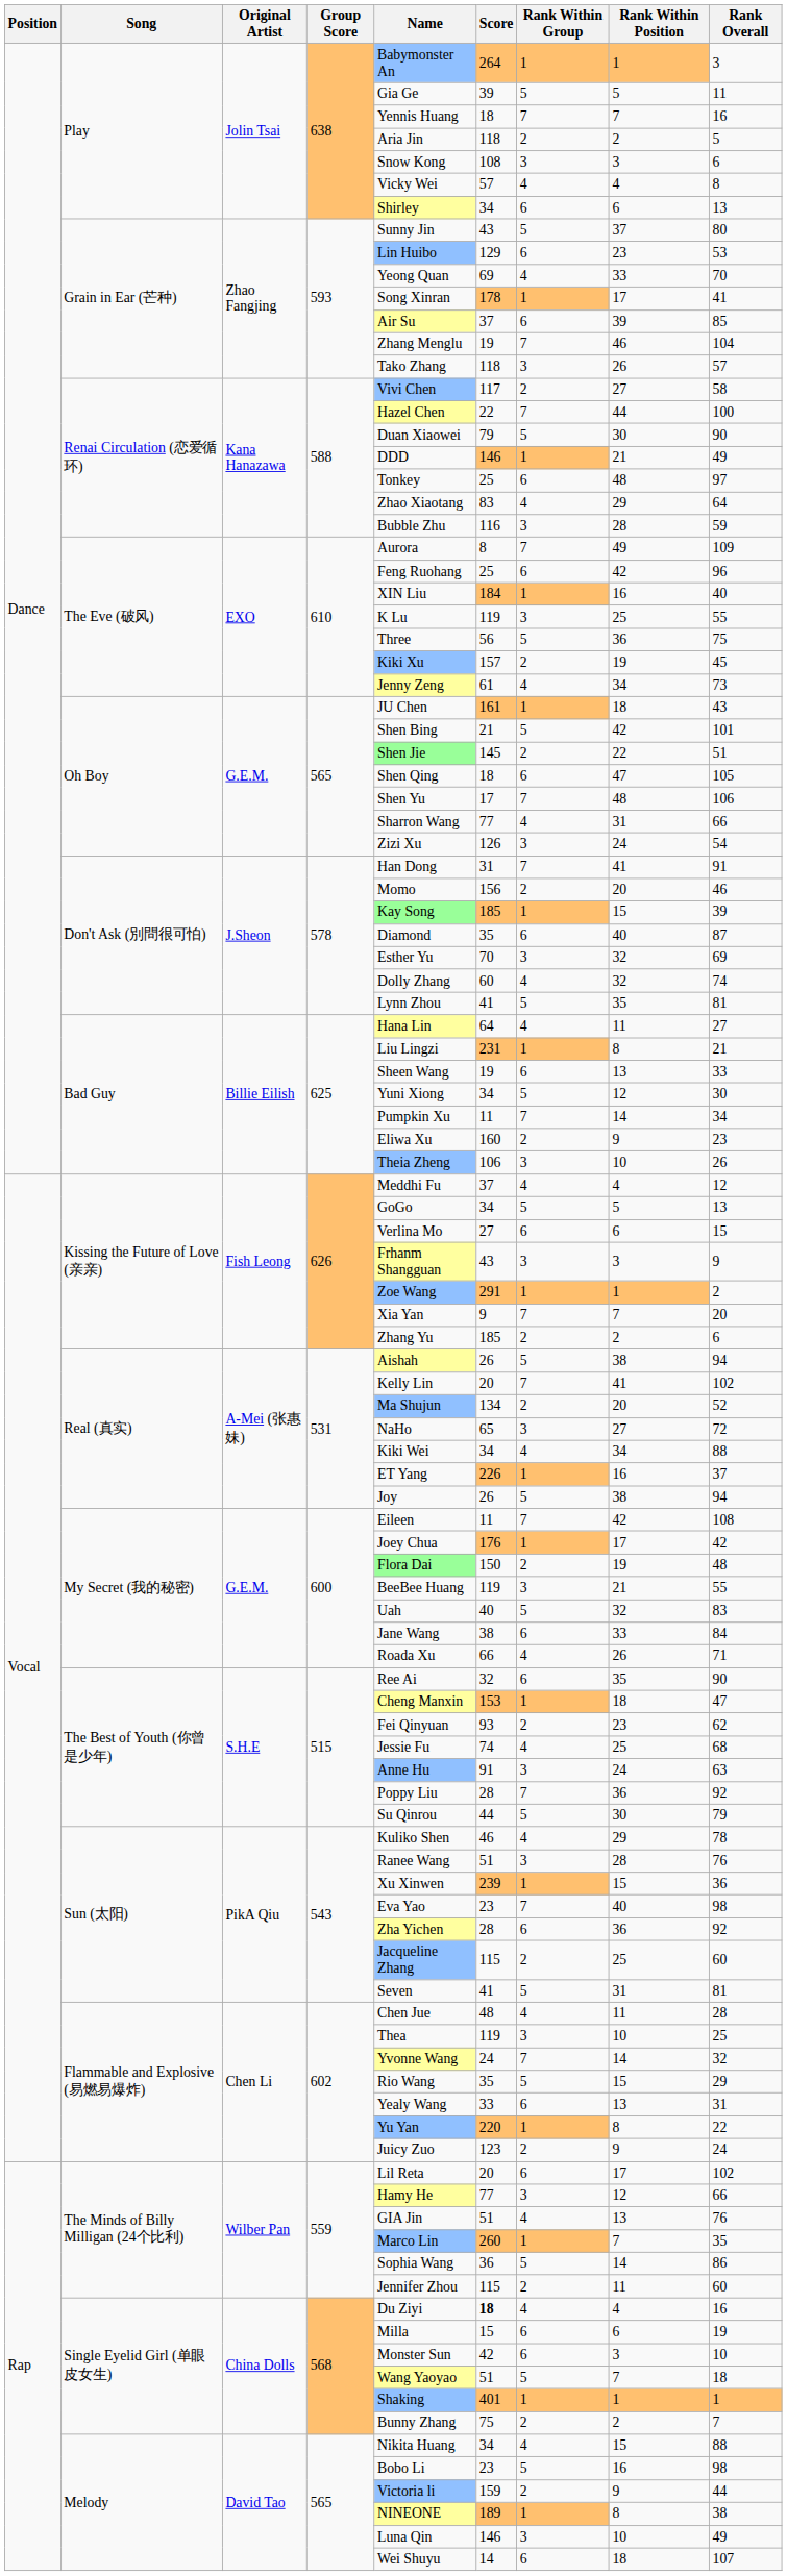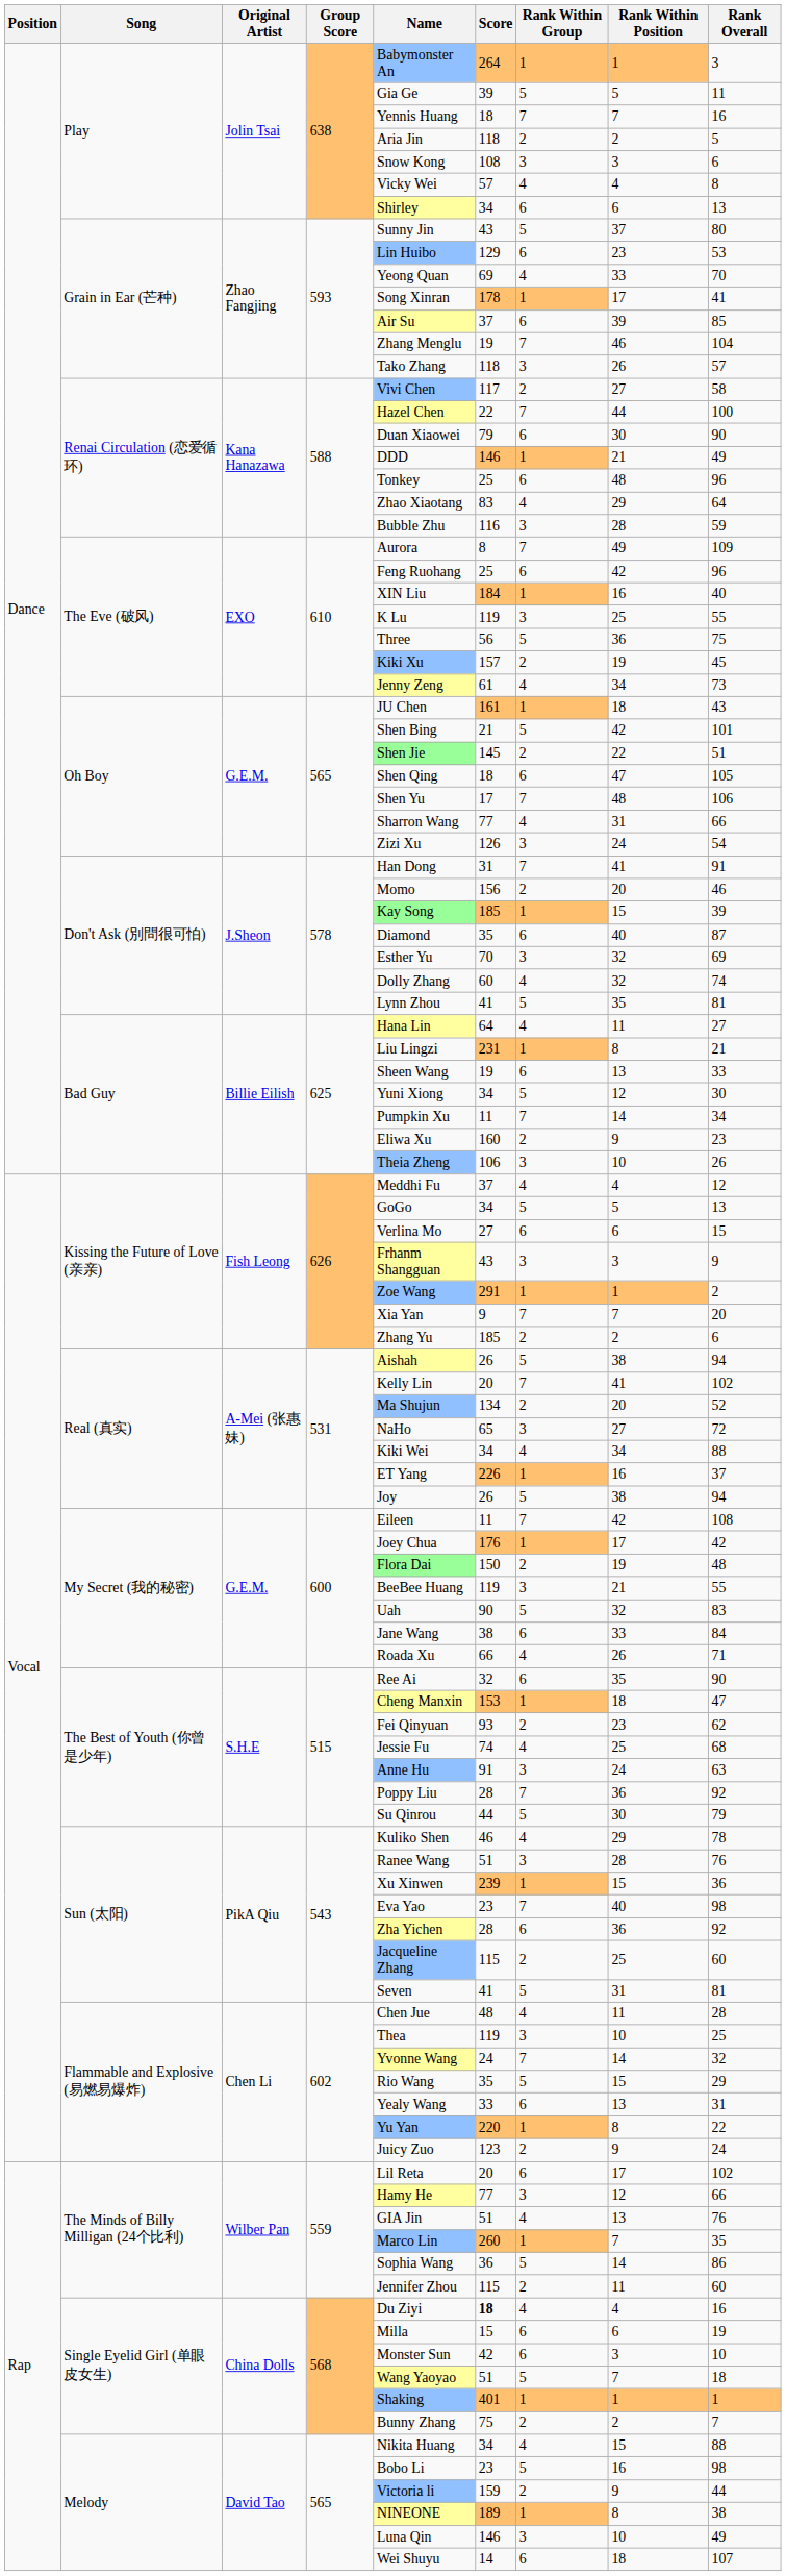 <table class="wikitable sortable">
 <tr>
 <th>Position</th>
 <th>Song</th>
 <th>Original Artist</th>
 <th>Group Score</th>
 <th>Name</th>
 <th>Score</th>
 <th>Rank Within Group</th>
 <th>Rank Within Position</th>
 <th>Rank Overall</th>
 </tr>
 <tr>
 <td rowspan="49">Dance</td>
 <td rowspan="7">Play</td>
 <td rowspan="7"><a href='#'>Jolin Tsai</a></td>
 <td rowspan="7" style="background:#FFC06F">638</td>
 <td style="background:#90C0FF">Babymonster An</td>
 <td style="background:#FFC06F">264</td>
 <td style="background:#FFC06F">1</td>
 <td style="background:#FFC06F">1</td>
 <td>3</td>
 </tr>
 <tr>
 <td>Gia Ge</td>
 <td>39</td>
 <td>5</td>
 <td>5</td>
 <td>11</td>
 </tr>
 <tr>
 <td>Yennis Huang</td>
 <td>18</td>
 <td>7</td>
 <td>7</td>
 <td>16</td>
 </tr>
 <tr>
 <td>Aria Jin</td>
 <td>118</td>
 <td>2</td>
 <td>2</td>
 <td>5</td>
 </tr>
 <tr>
 <td>Snow Kong</td>
 <td>108</td>
 <td>3</td>
 <td>3</td>
 <td>6</td>
 </tr>
 <tr>
 <td>Vicky Wei</td>
 <td>57</td>
 <td>4</td>
 <td>4</td>
 <td>8</td>
 </tr>
 <tr>
 <td style="background:#FFFF9F">Shirley</td>
 <td>34</td>
 <td>6</td>
 <td>6</td>
 <td>13</td>
 </tr>
 <tr>
 <td rowspan="7">Grain in Ear (芒种)</td>
 <td rowspan="7">Zhao Fangjing</td>
 <td rowspan="7">593</td>
 <td>Sunny Jin</td>
 <td>43</td>
 <td>5</td>
 <td>37</td>
 <td>80</td>
 </tr>
 <tr>
 <td style="background:#90C0FF">Lin Huibo</td>
 <td>129</td>
 <td>6</td>
 <td>23</td>
 <td>53</td>
 </tr>
 <tr>
 <td>Yeong Quan</td>
 <td>69</td>
 <td>4</td>
 <td>33</td>
 <td>70</td>
 </tr>
 <tr>
 <td>Song Xinran</td>
 <td style="background:#FFC06F">178</td>
 <td style="background:#FFC06F">1</td>
 <td>17</td>
 <td>41</td>
 </tr>
 <tr>
 <td style="background:#FFFF9F">Air Su</td>
 <td>37</td>
 <td>6</td>
 <td>39</td>
 <td>85</td>
 </tr>
 <tr>
 <td>Zhang Menglu</td>
 <td>19</td>
 <td>7</td>
 <td>46</td>
 <td>104</td>
 </tr>
 <tr>
 <td>Tako Zhang</td>
 <td>118</td>
 <td>3</td>
 <td>26</td>
 <td>57</td>
 </tr>
 <tr>
 <td rowspan="7"><a href='#'>Renai Circulation</a> (恋爱循环)</td>
 <td rowspan="7"><a href='#'>Kana Hanazawa</a></td>
 <td rowspan="7">588</td>
 <td style="background:#90C0FF">Vivi Chen</td>
 <td>117</td>
 <td>2</td>
 <td>27</td>
 <td>58</td>
 </tr>
 <tr>
 <td style="background:#FFFF9F">Hazel Chen</td>
 <td>22</td>
 <td>7</td>
 <td>44</td>
 <td>100</td>
 </tr>
 <tr>
 <td>Duan Xiaowei</td>
 <td>79</td>
-<td>5</td>
+<td>6</td>
 <td>30</td>
 <td>90</td>
 </tr>
 <tr>
 <td>DDD</td>
 <td style="background:#FFC06F">146</td>
 <td style="background:#FFC06F">1</td>
 <td>21</td>
 <td>49</td>
 </tr>
 <tr>
 <td>Tonkey</td>
 <td>25</td>
 <td>6</td>
 <td>48</td>
-<td>97</td>
+<td>96</td>
 </tr>
 <tr>
 <td>Zhao Xiaotang</td>
 <td>83</td>
 <td>4</td>
 <td>29</td>
 <td>64</td>
 </tr>
 <tr>
 <td>Bubble Zhu</td>
 <td>116</td>
 <td>3</td>
 <td>28</td>
 <td>59</td>
 </tr>
 <tr>
 <td rowspan="7">The Eve (破风)</td>
 <td rowspan="7"><a href='#'>EXO</a></td>
 <td rowspan="7">610</td>
 <td>Aurora</td>
 <td>8</td>
 <td>7</td>
 <td>49</td>
 <td>109</td>
 </tr>
 <tr>
 <td>Feng Ruohang</td>
 <td>25</td>
 <td>6</td>
 <td>42</td>
 <td>96</td>
 </tr>
 <tr>
 <td>XIN Liu</td>
 <td style="background:#FFC06F">184</td>
 <td style="background:#FFC06F">1</td>
 <td>16</td>
 <td>40</td>
 </tr>
 <tr>
 <td>K Lu</td>
 <td>119</td>
 <td>3</td>
 <td>25</td>
 <td>55</td>
 </tr>
 <tr>
 <td>Three</td>
 <td>56</td>
 <td>5</td>
 <td>36</td>
 <td>75</td>
 </tr>
 <tr>
 <td style="background:#90C0FF">Kiki Xu</td>
 <td>157</td>
 <td>2</td>
 <td>19</td>
 <td>45</td>
 </tr>
 <tr>
 <td style="background:#FFFF9F">Jenny Zeng</td>
 <td>61</td>
 <td>4</td>
 <td>34</td>
 <td>73</td>
 </tr>
 <tr>
 <td rowspan="7">Oh Boy</td>
 <td rowspan="7"><a href='#'>G.E.M.</a></td>
 <td rowspan="7">565</td>
 <td>JU Chen</td>
 <td style="background:#FFC06F">161</td>
 <td style="background:#FFC06F">1</td>
 <td>18</td>
 <td>43</td>
 </tr>
 <tr>
 <td>Shen Bing</td>
 <td>21</td>
 <td>5</td>
 <td>42</td>
 <td>101</td>
 </tr>
 <tr>
 <td style="background:#99FF99">Shen Jie</td>
 <td>145</td>
 <td>2</td>
 <td>22</td>
 <td>51</td>
 </tr>
 <tr>
 <td>Shen Qing</td>
 <td>18</td>
 <td>6</td>
 <td>47</td>
 <td>105</td>
 </tr>
 <tr>
 <td>Shen Yu</td>
 <td>17</td>
 <td>7</td>
 <td>48</td>
 <td>106</td>
 </tr>
 <tr>
 <td>Sharron Wang</td>
 <td>77</td>
 <td>4</td>
 <td>31</td>
 <td>66</td>
 </tr>
 <tr>
 <td>Zizi Xu</td>
 <td>126</td>
 <td>3</td>
 <td>24</td>
 <td>54</td>
 </tr>
 <tr>
 <td rowspan="7">Don't Ask (別問很可怕)</td>
 <td rowspan="7"><a href='#'>J.Sheon</a></td>
 <td rowspan="7">578</td>
 <td>Han Dong</td>
 <td>31</td>
 <td>7</td>
 <td>41</td>
 <td>91</td>
 </tr>
 <tr>
 <td>Momo</td>
 <td>156</td>
 <td>2</td>
 <td>20</td>
 <td>46</td>
 </tr>
 <tr>
 <td style="background:#99FF99">Kay Song</td>
 <td style="background:#FFC06F">185</td>
 <td style="background:#FFC06F">1</td>
 <td>15</td>
 <td>39</td>
 </tr>
 <tr>
 <td>Diamond</td>
 <td>35</td>
 <td>6</td>
 <td>40</td>
 <td>87</td>
 </tr>
 <tr>
 <td>Esther Yu</td>
 <td>70</td>
 <td>3</td>
 <td>32</td>
 <td>69</td>
 </tr>
 <tr>
 <td>Dolly Zhang</td>
 <td>60</td>
 <td>4</td>
 <td>32</td>
 <td>74</td>
 </tr>
 <tr>
 <td>Lynn Zhou</td>
 <td>41</td>
 <td>5</td>
 <td>35</td>
 <td>81</td>
 </tr>
 <tr>
 <td rowspan="7">Bad Guy</td>
 <td rowspan="7"><a href='#'>Billie Eilish</a></td>
 <td rowspan="7">625</td>
 <td style="background:#FFFF9F">Hana Lin</td>
 <td>64</td>
 <td>4</td>
 <td>11</td>
 <td>27</td>
 </tr>
 <tr>
 <td>Liu Lingzi</td>
 <td style="background:#FFC06F">231</td>
 <td style="background:#FFC06F">1</td>
 <td>8</td>
 <td>21</td>
 </tr>
 <tr>
 <td>Sheen Wang</td>
 <td>19</td>
 <td>6</td>
 <td>13</td>
 <td>33</td>
 </tr>
 <tr>
 <td>Yuni Xiong</td>
 <td>34</td>
 <td>5</td>
 <td>12</td>
 <td>30</td>
 </tr>
 <tr>
 <td>Pumpkin Xu</td>
 <td>11</td>
 <td>7</td>
 <td>14</td>
 <td>34</td>
 </tr>
 <tr>
 <td>Eliwa Xu</td>
 <td>160</td>
 <td>2</td>
 <td>9</td>
 <td>23</td>
 </tr>
 <tr>
 <td style="background:#90C0FF">Theia Zheng</td>
 <td>106</td>
 <td>3</td>
 <td>10</td>
 <td>26</td>
 </tr>
 <tr>
 <td rowspan="42">Vocal</td>
 <td rowspan="7">Kissing the Future of Love (亲亲)</td>
 <td rowspan="7"><a href='#'>Fish Leong</a></td>
 <td rowspan="7"  style="background:#FFC06F">626</td>
 <td>Meddhi Fu</td>
 <td>37</td>
 <td>4</td>
 <td>4</td>
 <td>12</td>
 </tr>
 <tr>
 <td>GoGo</td>
 <td>34</td>
 <td>5</td>
 <td>5</td>
 <td>13</td>
 </tr>
 <tr>
 <td>Verlina Mo</td>
 <td>27</td>
 <td>6</td>
 <td>6</td>
 <td>15</td>
 </tr>
 <tr>
 <td style="background:#FFFF9F">Frhanm Shangguan</td>
 <td>43</td>
 <td>3</td>
 <td>3</td>
 <td>9</td>
 </tr>
 <tr>
 <td style="background:#90C0FF">Zoe Wang</td>
 <td style="background:#FFC06F">291</td>
 <td style="background:#FFC06F">1</td>
 <td style="background:#FFC06F">1</td>
 <td>2</td>
 </tr>
 <tr>
 <td>Xia Yan</td>
 <td>9</td>
 <td>7</td>
 <td>7</td>
 <td>20</td>
 </tr>
 <tr>
 <td>Zhang Yu</td>
 <td>185</td>
 <td>2</td>
 <td>2</td>
 <td>6</td>
 </tr>
 <tr>
 <td rowspan="7">Real (真实)</td>
 <td rowspan="7"><a href='#'>A-Mei</a> (张惠妹)</td>
 <td rowspan="7">531</td>
 <td style="background:#FFFF9F">Aishah</td>
 <td>26</td>
 <td>5</td>
 <td>38</td>
 <td>94</td>
 </tr>
 <tr>
 <td>Kelly Lin</td>
 <td>20</td>
 <td>7</td>
 <td>41</td>
 <td>102</td>
 </tr>
 <tr>
 <td style="background:#90C0FF">Ma Shujun</td>
 <td>134</td>
 <td>2</td>
 <td>20</td>
 <td>52</td>
 </tr>
 <tr>
 <td>NaHo</td>
 <td>65</td>
 <td>3</td>
 <td>27</td>
 <td>72</td>
 </tr>
 <tr>
 <td>Kiki Wei</td>
 <td>34</td>
 <td>4</td>
 <td>34</td>
 <td>88</td>
 </tr>
 <tr>
 <td>ET Yang</td>
 <td style="background:#FFC06F">226</td>
 <td style="background:#FFC06F">1</td>
 <td>16</td>
 <td>37</td>
 </tr>
 <tr>
 <td>Joy</td>
 <td>26</td>
 <td>5</td>
 <td>38</td>
 <td>94</td>
 </tr>
 <tr>
 <td rowspan="7">My Secret (我的秘密)</td>
 <td rowspan="7"><a href='#'>G.E.M.</a></td>
 <td rowspan="7">600</td>
 <td>Eileen</td>
 <td>11</td>
 <td>7</td>
 <td>42</td>
 <td>108</td>
 </tr>
 <tr>
 <td>Joey Chua</td>
 <td style="background:#FFC06F">176</td>
 <td style="background:#FFC06F">1</td>
 <td>17</td>
 <td>42</td>
 </tr>
 <tr>
 <td style="background:#99FF99">Flora Dai</td>
 <td>150</td>
 <td>2</td>
 <td>19</td>
 <td>48</td>
 </tr>
 <tr>
 <td>BeeBee Huang</td>
 <td>119</td>
 <td>3</td>
 <td>21</td>
 <td>55</td>
 </tr>
 <tr>
 <td>Uah</td>
-<td>40</td>
+<td>90</td>
 <td>5</td>
 <td>32</td>
 <td>83</td>
 </tr>
 <tr>
 <td>Jane Wang</td>
 <td>38</td>
 <td>6</td>
 <td>33</td>
 <td>84</td>
 </tr>
 <tr>
 <td>Roada Xu</td>
 <td>66</td>
 <td>4</td>
 <td>26</td>
 <td>71</td>
 </tr>
 <tr>
 <td rowspan="7">The Best of Youth (你曾是少年)</td>
 <td rowspan="7"><a href='#'>S.H.E</a></td>
 <td rowspan="7">515</td>
 <td>Ree Ai</td>
 <td>32</td>
 <td>6</td>
 <td>35</td>
 <td>90</td>
 </tr>
 <tr>
 <td style="background:#FFFF9F">Cheng Manxin</td>
 <td style="background:#FFC06F">153</td>
 <td style="background:#FFC06F">1</td>
 <td>18</td>
 <td>47</td>
 </tr>
 <tr>
 <td>Fei Qinyuan</td>
 <td>93</td>
 <td>2</td>
 <td>23</td>
 <td>62</td>
 </tr>
 <tr>
 <td>Jessie Fu</td>
 <td>74</td>
 <td>4</td>
 <td>25</td>
 <td>68</td>
 </tr>
 <tr>
 <td style="background:#90C0FF">Anne Hu</td>
 <td>91</td>
 <td>3</td>
 <td>24</td>
 <td>63</td>
 </tr>
 <tr>
 <td>Poppy Liu</td>
 <td>28</td>
 <td>7</td>
 <td>36</td>
 <td>92</td>
 </tr>
 <tr>
 <td>Su Qinrou</td>
 <td>44</td>
 <td>5</td>
 <td>30</td>
 <td>79</td>
 </tr>
 <tr>
 <td rowspan="7">Sun (太阳)</td>
 <td rowspan="7">PikA Qiu</td>
 <td rowspan="7">543</td>
 <td>Kuliko Shen</td>
 <td>46</td>
 <td>4</td>
 <td>29</td>
 <td>78</td>
 </tr>
 <tr>
 <td>Ranee Wang</td>
 <td>51</td>
 <td>3</td>
 <td>28</td>
 <td>76</td>
 </tr>
 <tr>
 <td>Xu Xinwen</td>
 <td style="background:#FFC06F">239</td>
 <td style="background:#FFC06F">1</td>
 <td>15</td>
 <td>36</td>
 </tr>
 <tr>
 <td>Eva Yao</td>
 <td>23</td>
 <td>7</td>
 <td>40</td>
 <td>98</td>
 </tr>
 <tr>
 <td style="background:#FFFF9F">Zha Yichen</td>
 <td>28</td>
 <td>6</td>
 <td>36</td>
 <td>92</td>
 </tr>
 <tr>
 <td style="background:#90C0FF">Jacqueline Zhang</td>
 <td>115</td>
 <td>2</td>
 <td>25</td>
 <td>60</td>
 </tr>
 <tr>
 <td>Seven</td>
 <td>41</td>
 <td>5</td>
 <td>31</td>
 <td>81</td>
 </tr>
 <tr>
 <td rowspan="7">Flammable and Explosive (易燃易爆炸)</td>
 <td rowspan="7">Chen Li</td>
 <td rowspan="7">602</td>
 <td>Chen Jue</td>
 <td>48</td>
 <td>4</td>
 <td>11</td>
 <td>28</td>
 </tr>
 <tr>
 <td>Thea</td>
 <td>119</td>
 <td>3</td>
 <td>10</td>
 <td>25</td>
 </tr>
 <tr>
 <td style="background:#FFFF9F">Yvonne Wang</td>
 <td>24</td>
 <td>7</td>
 <td>14</td>
 <td>32</td>
 </tr>
 <tr>
 <td>Rio Wang</td>
 <td>35</td>
 <td>5</td>
 <td>15</td>
 <td>29</td>
 </tr>
 <tr>
 <td>Yealy Wang</td>
 <td>33</td>
 <td>6</td>
 <td>13</td>
 <td>31</td>
 </tr>
 <tr>
 <td style="background:#90C0FF">Yu Yan</td>
 <td style="background:#FFC06F">220</td>
 <td style="background:#FFC06F">1</td>
 <td>8</td>
 <td>22</td>
 </tr>
 <tr>
 <td>Juicy Zuo</td>
 <td>123</td>
 <td>2</td>
 <td>9</td>
 <td>24</td>
 </tr>
 <tr>
 <td rowspan="18">Rap</td>
 <td rowspan="6">The Minds of Billy Milligan (24个比利)</td>
 <td rowspan="6"><a href='#'>Wilber Pan</a></td>
 <td rowspan="6">559</td>
 <td>Lil Reta</td>
 <td>20</td>
 <td>6</td>
 <td>17</td>
 <td>102</td>
 </tr>
 <tr>
 <td style="background:#FFFF9F">Hamy He</td>
 <td>77</td>
 <td>3</td>
 <td>12</td>
 <td>66</td>
 </tr>
 <tr>
 <td>GIA Jin</td>
 <td>51</td>
 <td>4</td>
 <td>13</td>
 <td>76</td>
 </tr>
 <tr>
 <td style="background:#90C0FF">Marco Lin</td>
 <td style="background:#FFC06F">260</td>
 <td style="background:#FFC06F">1</td>
 <td>7</td>
 <td>35</td>
 </tr>
 <tr>
 <td>Sophia Wang</td>
 <td>36</td>
 <td>5</td>
 <td>14</td>
 <td>86</td>
 </tr>
 <tr>
 <td>Jennifer Zhou</td>
 <td>115</td>
 <td>2</td>
 <td>11</td>
 <td>60</td>
 </tr>
 <tr>
 <td rowspan="6">Single Eyelid Girl (单眼皮女生)</td>
 <td rowspan="6"><a href='#'>China Dolls</a></td>
 <td rowspan="6"  style="background:#FFC06F">568</td>
 <td>Du Ziyi</td>
 <td><strong>18</strong></td>
 <td>4</td>
 <td>4</td>
 <td>16</td>
 </tr>
 <tr>
 <td>Milla</td>
 <td>15</td>
 <td>6</td>
 <td>6</td>
 <td>19</td>
 </tr>
 <tr>
 <td>Monster Sun</td>
 <td>42</td>
 <td>6</td>
 <td>3</td>
 <td>10</td>
 </tr>
 <tr>
 <td style="background:#FFFF9F">Wang Yaoyao</td>
 <td>51</td>
 <td>5</td>
 <td>7</td>
 <td>18</td>
 </tr>
 <tr>
 <td style="background:#90C0FF">Shaking</td>
 <td style="background:#FFC06F">401</td>
 <td style="background:#FFC06F">1</td>
 <td style="background:#FFC06F">1</td>
 <td style="background:#FFC06F">1</td>
 </tr>
 <tr>
 <td>Bunny Zhang</td>
 <td>75</td>
 <td>2</td>
 <td>2</td>
 <td>7</td>
 </tr>
 <tr>
 <td rowspan="6">Melody</td>
 <td rowspan="6"><a href='#'>David Tao</a></td>
 <td rowspan="6">565</td>
 <td>Nikita Huang</td>
 <td>34</td>
 <td>4</td>
 <td>15</td>
 <td>88</td>
 </tr>
 <tr>
 <td>Bobo Li</td>
 <td>23</td>
 <td>5</td>
 <td>16</td>
 <td>98</td>
 </tr>
 <tr>
 <td style="background:#90C0FF">Victoria li</td>
 <td>159</td>
 <td>2</td>
 <td>9</td>
 <td>44</td>
 </tr>
 <tr>
 <td style="background:#FFFF9F">NINEONE</td>
 <td style="background:#FFC06F">189</td>
 <td style="background:#FFC06F">1</td>
 <td>8</td>
 <td>38</td>
 </tr>
 <tr>
 <td>Luna Qin</td>
 <td>146</td>
 <td>3</td>
 <td>10</td>
 <td>49</td>
 </tr>
 <tr>
 <td>Wei Shuyu</td>
 <td>14</td>
 <td>6</td>
 <td>18</td>
 <td>107</td>
 </tr>
 </table>
